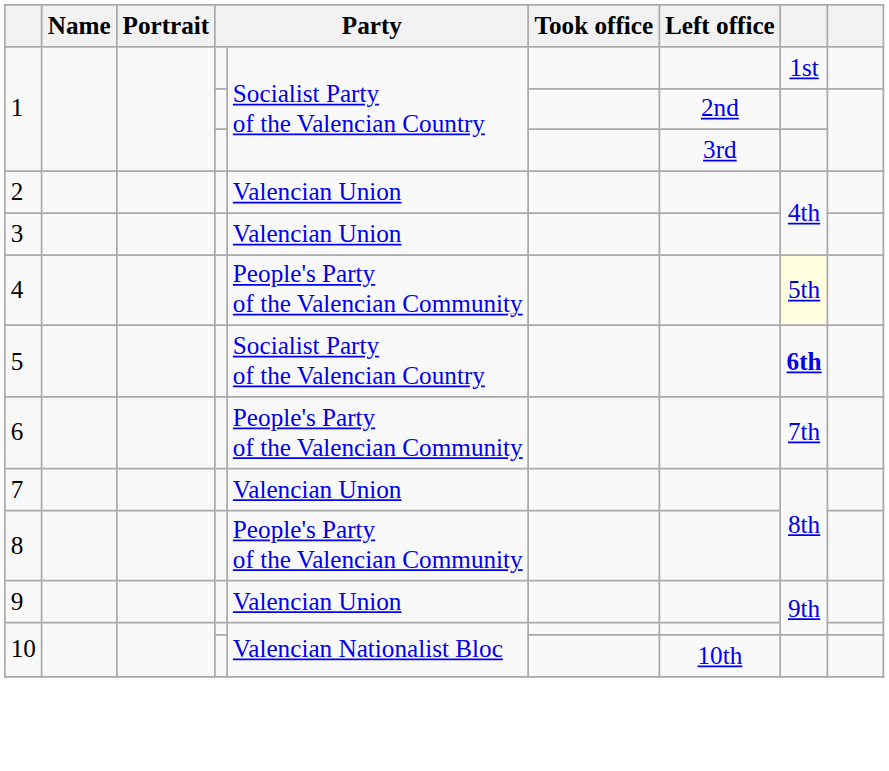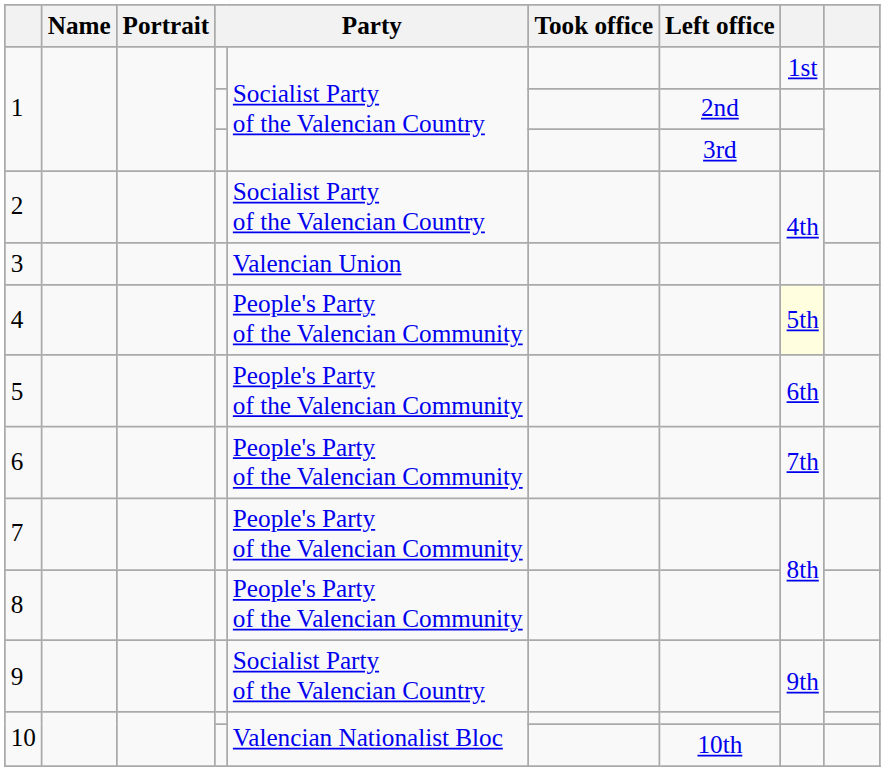 <table class="wikitable plainrowheaders sortable" style="font-size:90%; text-align:left;">
 <tr>
 <th scope=col></th>
 <th scope=col>Name</th>
 <th scope=col class=unsortable>Portrait</th>
 <th scope=col colspan="2">Party</th>
 <th scope=col>Took office</th>
 <th scope=col>Left office</th>
 <th scope=col></th>
 <th scope=col width=25px class=unsortable></th>
 </tr>
 <tr>
 <td rowspan=3>1</td>
 <td style="white-space: nowrap;" rowspan=3></td>
 <td align=center rowspan=3></td>
 <td !align="center" style="background:"></td>
 <td rowspan=3><a href='#'>Socialist Party<br>of the Valencian Country</a></td>
 <td align=center></td>
 <td align=center></td>
 <td align=center><a href='#'>1st</a></td>
 <td align=center></td>
 </tr>
 <tr>
 <td align=center></td>
 <td align=center></td>
 <td align=center><a href='#'>2nd</a></td>
 <td align=center></td>
 </tr>
 <tr>
 <td align=center></td>
 <td align=center></td>
 <td align=center><a href='#'>3rd</a></td>
 <td align=center></td>
 </tr>
 <tr>
 <td>2</td>
 <td style="white-space: nowrap;"></td>
 <td align=center></td>
 <td !align="center" style="background:"></td>
-<td><a href='#'>Valencian Union</a></td>
+<td><a href='#'>Socialist Party<br>of the Valencian Country</a></td>
 <td align=center></td>
 <td align=center></td>
 <td align=center rowspan=2><a href='#'>4th</a></td>
 <td align=center></td>
 </tr>
 <tr>
 <td>3</td>
 <td style="white-space: nowrap;"></td>
 <td align=center></td>
 <td !align="center" style="background:"></td>
 <td><a href='#'>Valencian Union</a></td>
 <td align=center></td>
 <td align=center></td>
 <td align=center></td>
 </tr>
 <tr>
 <td>4</td>
 <td style="white-space: nowrap;"></td>
 <td align=center></td>
 <td !align="center" style="background:"></td>
 <td><a href='#'>People's Party<br>of the Valencian Community</a></td>
 <td align=center></td>
 <td align=center></td>
 <td align=center style="background: lightyellow;"><a href='#'>5th</a></td>
 <td align=center></td>
 </tr>
 <tr>
 <td>5</td>
 <td style="white-space: nowrap;"></td>
 <td align=center></td>
 <td !align="center" style="background:"></td>
-<td><a href='#'>Socialist Party<br>of the Valencian Country</a></td>
+<td><a href='#'>People's Party<br>of the Valencian Community</a></td>
 <td align=center></td>
 <td align=center></td>
-<td align=center><strong><a href='#'>6th</a></strong></td>
+<td align=center><a href='#'>6th</a></td>
 <td align=center></td>
 </tr>
 <tr>
 <td>6</td>
 <td style="white-space: nowrap;"></td>
 <td align=center></td>
 <td !align="center" style="background:"></td>
 <td><a href='#'>People's Party<br>of the Valencian Community</a></td>
 <td align=center></td>
 <td align=center></td>
 <td align=center><a href='#'>7th</a></td>
 <td align=center></td>
 </tr>
 <tr>
 <td>7</td>
 <td style="white-space: nowrap;"></td>
 <td align=center></td>
 <td !align="center" style="background:"></td>
-<td><a href='#'>Valencian Union</a></td>
+<td><a href='#'>People's Party<br>of the Valencian Community</a></td>
 <td align=center></td>
 <td align=center></td>
 <td align=center rowspan=2><a href='#'>8th</a></td>
 <td align=center></td>
 </tr>
 <tr>
 <td>8</td>
 <td style="white-space: nowrap;"></td>
 <td align=center></td>
 <td !align="center" style="background:"></td>
 <td><a href='#'>People's Party<br>of the Valencian Community</a></td>
 <td align=center></td>
 <td align=center></td>
 <td align=center></td>
 </tr>
 <tr>
 <td>9</td>
 <td style="white-space: nowrap;"></td>
 <td align=center></td>
 <td !align="center" style="background:"></td>
-<td><a href='#'>Valencian Union</a></td>
+<td><a href='#'>Socialist Party<br>of the Valencian Country</a></td>
 <td align=center></td>
 <td align=center></td>
 <td align=center rowspan=2><a href='#'>9th</a></td>
 <td align=center></td>
 </tr>
 <tr>
 <td rowspan=2>10</td>
 <td style="white-space: nowrap;" rowspan=2></td>
 <td align=center rowspan=2></td>
 <td !align="center" style="background:"></td>
 <td rowspan=2><a href='#'>Valencian Nationalist Bloc</a></td>
 <td align=center></td>
 <td align=center></td>
 <td align=center></td>
 </tr>
 <tr>
 <td align=center></td>
 <td align=center></td>
 <td align=center><a href='#'>10th</a></td>
 <td align=center></td>
 </tr>
 </table>
